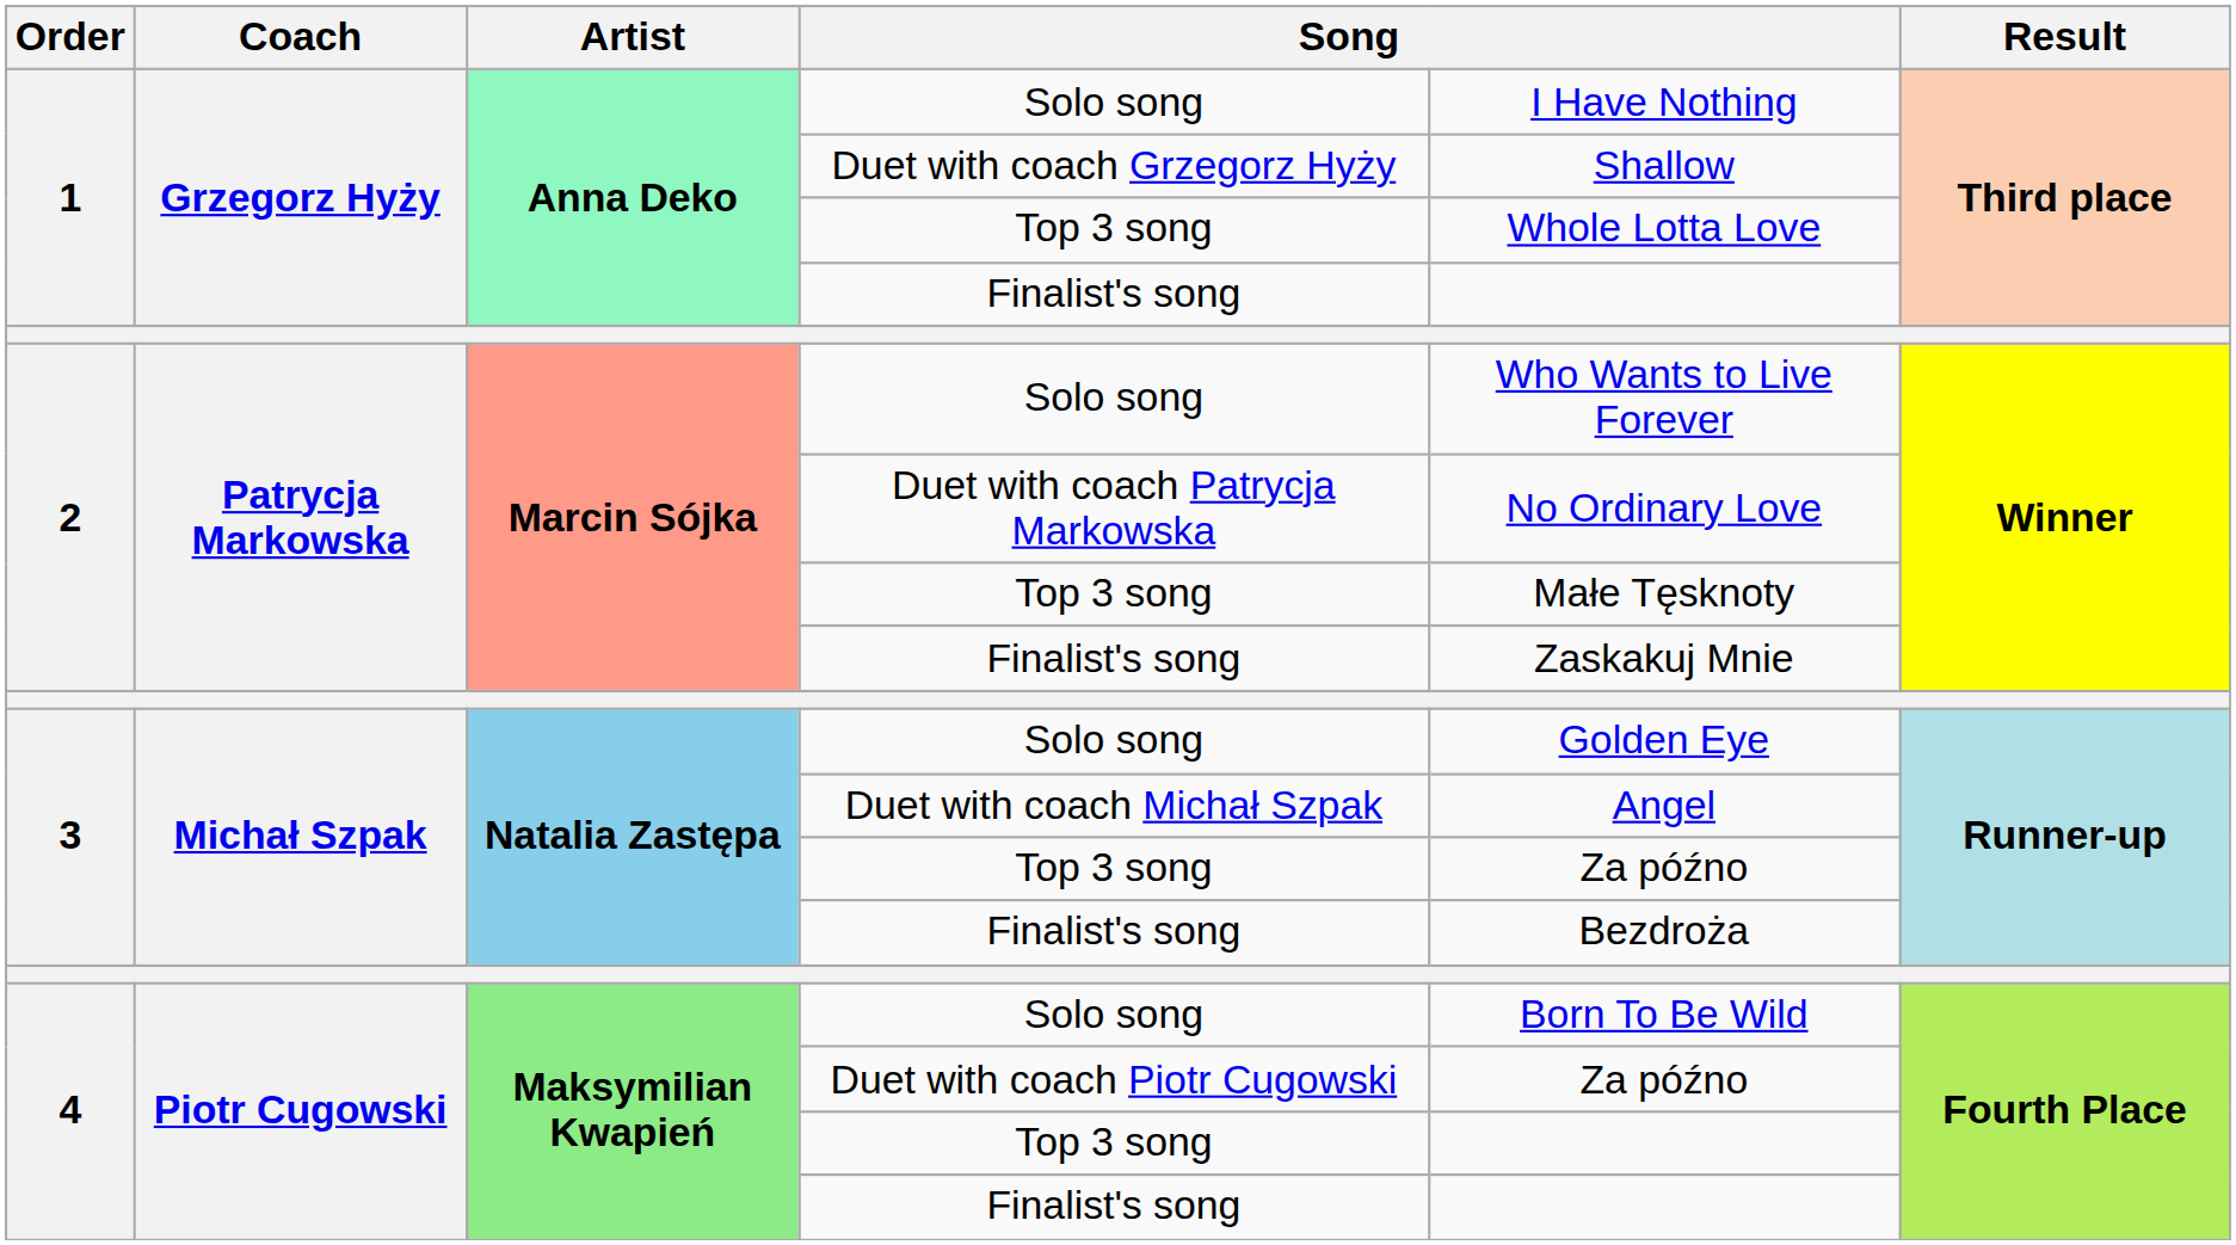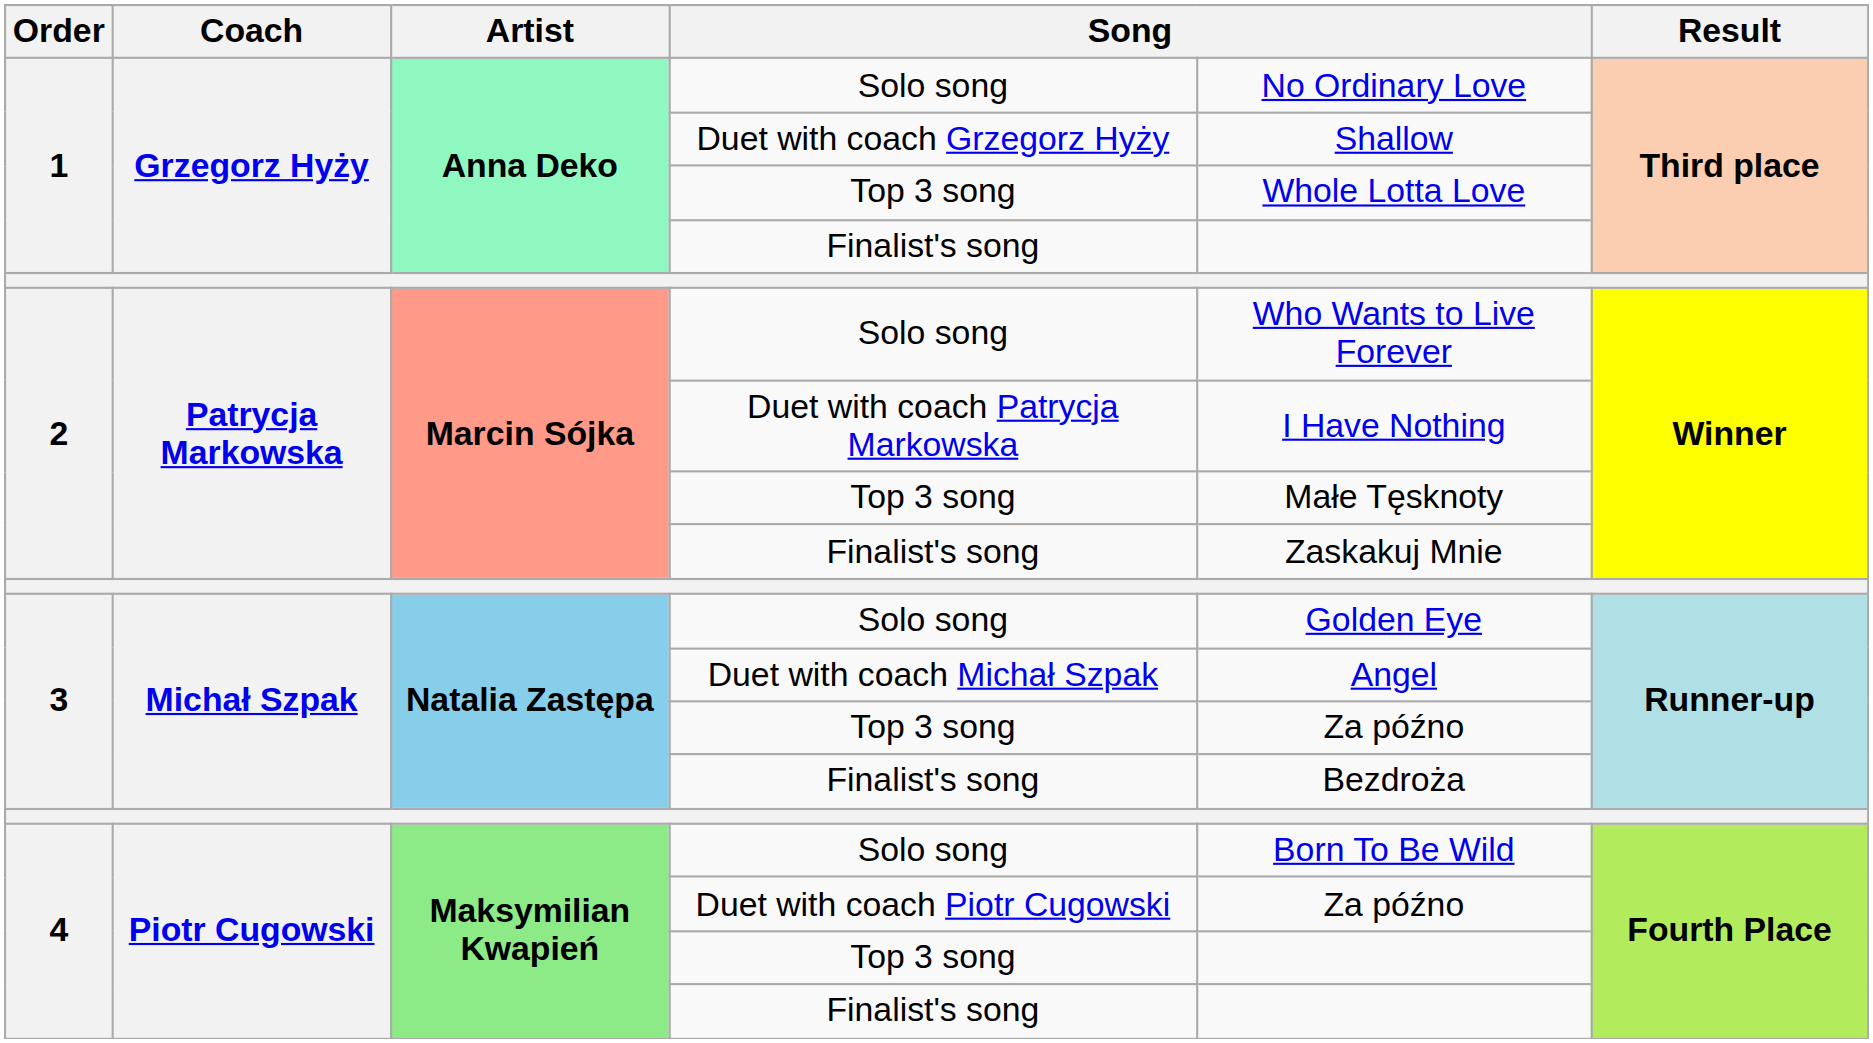 <table class="wikitable" style="width: 100%; text-align: center">
 <tr>
 <th width="5%">Order</th>
 <th width="15%">Coach</th>
 <th width="15%">Artist</th>
 <th width="50%" colspan=2>Song</th>
 <th width="15%">Result</th>
 </tr>
 <tr>
 <th rowspan=4>1</th>
 <th rowspan=4><a href='#'>Grzegorz Hyży</a></th>
 <td style="background:#8ff7c0;" rowspan=4><strong>Anna Deko</strong></td>
 <td>Solo song</td>
-<td><a href='#'>I Have Nothing</a></td>
+<td><a href='#'>No Ordinary Love</a></td>
 <td rowspan=4 colspan=3 style="background:#FBCEB1"><strong>Third place</strong></td>
 </tr>
 <tr>
 <td>Duet with coach <a href='#'>Grzegorz Hyży</a></td>
 <td><a href='#'>Shallow</a></td>
 </tr>
 <tr>
 <td>Top 3 song</td>
 <td><a href='#'>Whole Lotta Love</a></td>
 </tr>
 <tr>
 <td>Finalist's song</td>
 <td></td>
 </tr>
 <tr>
 <th colspan=8></th>
 </tr>
 <tr>
 <th rowspan=4>2</th>
 <th rowspan=4><a href='#'>Patrycja Markowska</a></th>
 <td style="background:#ff9988;" rowspan=4><strong>Marcin Sójka</strong></td>
 <td>Solo song</td>
 <td><a href='#'>Who Wants to Live Forever</a></td>
 <td rowspan=4 colspan=3 style="background:yellow"><strong>Winner</strong></td>
 </tr>
 <tr>
 <td>Duet with coach <a href='#'>Patrycja Markowska</a></td>
-<td><a href='#'>No Ordinary Love</a></td>
+<td><a href='#'>I Have Nothing</a></td>
 </tr>
 <tr>
 <td>Top 3 song</td>
 <td>Małe Tęsknoty</td>
 </tr>
 <tr>
 <td>Finalist's song</td>
 <td>Zaskakuj Mnie</td>
 </tr>
 <tr>
 <th colspan=8></th>
 </tr>
 <tr>
 <th rowspan=4>3</th>
 <th rowspan=4><a href='#'>Michał Szpak</a></th>
 <td style="background:#87ceeb;" rowspan=4><strong>Natalia Zastępa</strong></td>
 <td>Solo song</td>
 <td><a href='#'>Golden Eye</a></td>
 <td rowspan=4 colspan=3 style="background:#B0E0E6"><strong>Runner-up</strong></td>
 </tr>
 <tr>
 <td>Duet with coach <a href='#'>Michał Szpak</a></td>
 <td><a href='#'>Angel</a></td>
 </tr>
 <tr>
 <td>Top 3 song</td>
 <td>Za późno</td>
 </tr>
 <tr>
 <td>Finalist's song</td>
 <td>Bezdroża</td>
 </tr>
 <tr>
 <th colspan=8></th>
 </tr>
 <tr>
 <th rowspan=4>4</th>
 <th rowspan=4><a href='#'>Piotr Cugowski</a></th>
 <td style="background:#8deb87;" rowspan=4><strong>Maksymilian Kwapień</strong></td>
 <td>Solo song</td>
 <td><a href='#'>Born To Be Wild</a></td>
 <td rowspan=4 colspan=3 style="background:#B2EC5D"><strong>Fourth Place</strong></td>
 </tr>
 <tr>
 <td>Duet with coach <a href='#'>Piotr Cugowski</a></td>
 <td>Za późno</td>
 </tr>
 <tr>
 <td>Top 3 song</td>
 <td></td>
 </tr>
 <tr>
 <td>Finalist's song</td>
 <td></td>
 </tr>
 <tr>
 </tr>
 </table>
